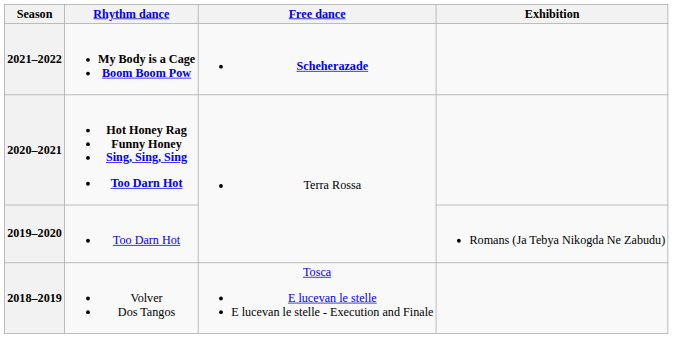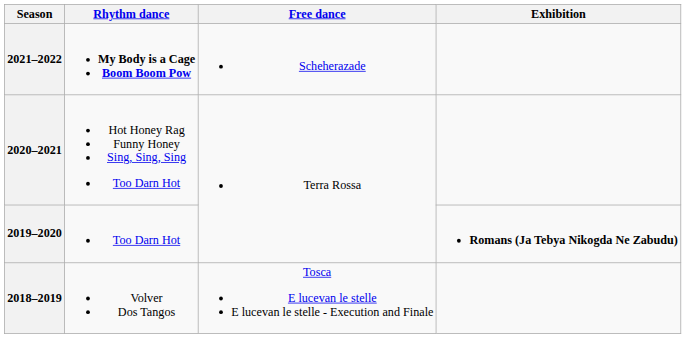 <table class=wikitable style=text-align:center>
 <tr>
 <th>Season</th>
 <th><a href='#'>Rhythm dance</a></th>
 <th><a href='#'>Free dance</a></th>
 <th>Exhibition</th>
 </tr>
 <tr>
 <th>2021–2022 <br></th>
 <td><strong><br><ul><li> My Body is a Cage <br> </li><li> <a href='#'>Boom Boom Pow</a> <br> </li></ul></strong></td>
-<td><strong><br><ul><li><a href='#'>Scheherazade</a> <br> </li></ul></strong></td>
+<td><br><ul><li><a href='#'>Scheherazade</a> <br> </li></ul></td>
 <td></td>
 </tr>
 <tr>
 <th>2020–2021 <br></th>
-<td><strong><br><ul><li> Hot Honey Rag</li><li> Funny Honey <br> </li><li> <a href='#'>Sing, Sing, Sing</a> <br> </li></ul><ul><li><a href='#'>Too Darn Hot</a><br></li></ul></strong></td>
+<td><br><ul><li> Hot Honey Rag</li><li> Funny Honey <br> </li><li> <a href='#'>Sing, Sing, Sing</a> <br> </li></ul><ul><li><a href='#'>Too Darn Hot</a><br></li></ul></td>
 <td rowspan=2><br><ul><li>Terra Rossa<br></li></ul></td>
 <td></td>
 </tr>
 <tr>
 <th>2019–2020</th>
 <td><br><ul><li><a href='#'>Too Darn Hot</a> <br></li></ul></td>
-<td><br><ul><li>Romans (Ja Tebya Nikogda Ne Zabudu) <br></li></ul></td>
+<td><strong><br><ul><li>Romans (Ja Tebya Nikogda Ne Zabudu) <br></li></ul></strong></td>
 </tr>
 <tr>
 <th>2018–2019 <br> </th>
 <td><br><ul><li> Volver <br></li><li> Dos Tangos <br></li></ul></td>
 <td><a href='#'>Tosca</a><br><ul><li><a href='#'>E lucevan le stelle</a> <br></li><li>E lucevan le stelle - Execution and Finale <br></li></ul></td>
 <td></td>
 </tr>
 </table>
